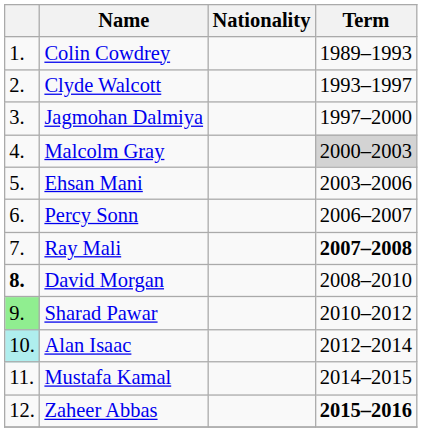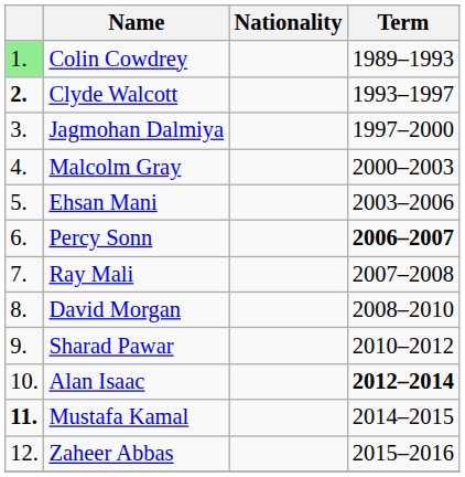 <table class="wikitable">
 <tr>
 <th></th>
 <th>Name</th>
 <th>Nationality</th>
 <th>Term</th>
 </tr>
 <tr>
-<td>1.</td>
+<td style="background: lightgreen;">1.</td>
 <td><a href='#'>Colin Cowdrey</a></td>
 <td></td>
 <td>1989–1993</td>
 </tr>
 <tr>
-<td>2.</td>
+<td><strong>2.</strong></td>
 <td><a href='#'>Clyde Walcott</a></td>
 <td></td>
 <td>1993–1997</td>
 </tr>
 <tr>
 <td>3.</td>
 <td><a href='#'>Jagmohan Dalmiya</a></td>
 <td></td>
 <td>1997–2000</td>
 </tr>
 <tr>
 <td>4.</td>
 <td><a href='#'>Malcolm Gray</a></td>
 <td></td>
-<td style="background: lightgrey;">2000–2003</td>
+<td>2000–2003</td>
 </tr>
 <tr>
 <td>5.</td>
 <td><a href='#'>Ehsan Mani</a></td>
 <td></td>
 <td>2003–2006</td>
 </tr>
 <tr>
 <td>6.</td>
 <td><a href='#'>Percy Sonn</a></td>
 <td></td>
-<td>2006–2007</td>
+<td><strong>2006–2007</strong></td>
 </tr>
 <tr>
 <td>7.</td>
 <td><a href='#'>Ray Mali</a></td>
 <td></td>
-<td><strong>2007–2008</strong></td>
+<td>2007–2008</td>
 </tr>
 <tr>
-<td><strong>8.</strong></td>
+<td>8.</td>
 <td><a href='#'>David Morgan</a></td>
 <td></td>
 <td>2008–2010</td>
 </tr>
 <tr>
-<td style="background: lightgreen;">9.</td>
+<td>9.</td>
 <td><a href='#'>Sharad Pawar</a></td>
 <td></td>
 <td>2010–2012</td>
 </tr>
 <tr>
-<td style="background: paleturquoise;">10.</td>
+<td>10.</td>
 <td><a href='#'>Alan Isaac</a></td>
 <td></td>
-<td>2012–2014</td>
+<td><strong>2012–2014</strong></td>
 </tr>
 <tr>
-<td>11.</td>
+<td><strong>11.</strong></td>
 <td><a href='#'>Mustafa Kamal</a></td>
 <td></td>
 <td>2014–2015</td>
 </tr>
 <tr>
 <td>12.</td>
 <td><a href='#'>Zaheer Abbas</a></td>
 <td></td>
-<td><strong>2015–2016</strong></td>
+<td>2015–2016</td>
 </tr>
 <tr>
 </tr>
 </table>
